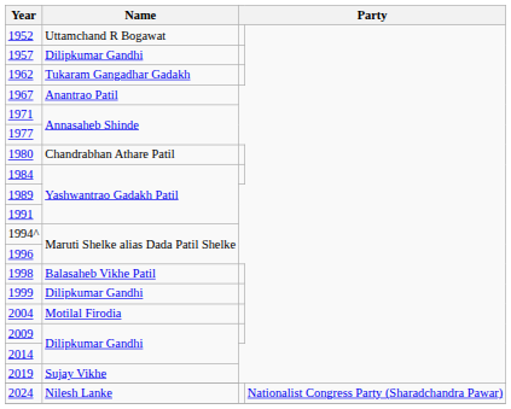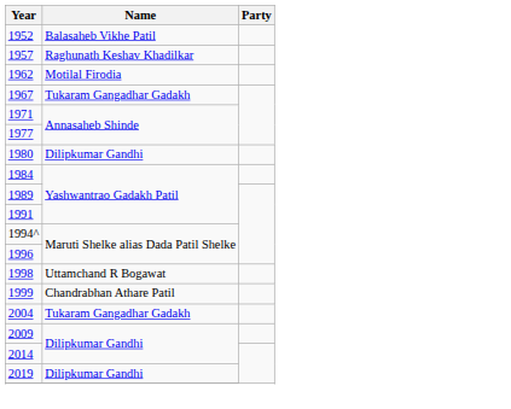 <table class="wikitable">
 <tr>
 <th>Year</th>
 <th>Name</th>
 <th colspan="2">Party</th>
 </tr>
 <tr>
 <td><a href='#'>1952</a></td>
-<td>Uttamchand R Bogawat</td>
+<td><a href='#'>Balasaheb Vikhe Patil</a></td>
 <td></td>
 </tr>
 <tr>
 <td><a href='#'>1957</a></td>
-<td><a href='#'>Dilipkumar Gandhi</a></td>
+<td><a href='#'>Raghunath Keshav Khadilkar</a></td>
 <td></td>
 </tr>
 <tr>
 <td><a href='#'>1962</a></td>
-<td><a href='#'>Tukaram Gangadhar Gadakh</a></td>
+<td><a href='#'>Motilal Firodia</a></td>
 <td></td>
 </tr>
 <tr>
 <td><a href='#'>1967</a></td>
-<td><a href='#'>Anantrao Patil</a></td>
+<td><a href='#'>Tukaram Gangadhar Gadakh</a></td>
 </tr>
 <tr>
 <td><a href='#'>1971</a></td>
 <td rowspan="2"><a href='#'>Annasaheb Shinde</a></td>
 </tr>
 <tr>
 <td><a href='#'>1977</a></td>
 </tr>
 <tr>
 <td><a href='#'>1980</a></td>
-<td>Chandrabhan Athare Patil</td>
+<td><a href='#'>Dilipkumar Gandhi</a></td>
 <td></td>
 </tr>
 <tr>
 <td><a href='#'>1984</a></td>
 <td rowspan="3"><a href='#'>Yashwantrao Gadakh Patil</a></td>
 <td></td>
 </tr>
 <tr>
 <td><a href='#'>1989</a></td>
 </tr>
 <tr>
 <td><a href='#'>1991</a></td>
 </tr>
 <tr>
 <td>1994^</td>
 <td rowspan="2">Maruti Shelke alias Dada Patil Shelke</td>
 </tr>
 <tr>
 <td><a href='#'>1996</a></td>
 </tr>
 <tr>
 <td><a href='#'>1998</a></td>
-<td><a href='#'>Balasaheb Vikhe Patil</a></td>
+<td>Uttamchand R Bogawat</td>
 <td></td>
 </tr>
 <tr>
 <td><a href='#'>1999</a></td>
-<td><a href='#'>Dilipkumar Gandhi</a></td>
+<td>Chandrabhan Athare Patil</td>
 <td></td>
 </tr>
 <tr>
 <td><a href='#'>2004</a></td>
-<td><a href='#'>Motilal Firodia</a></td>
+<td><a href='#'>Tukaram Gangadhar Gadakh</a></td>
 <td></td>
 </tr>
 <tr>
 <td><a href='#'>2009</a></td>
 <td rowspan="2"><a href='#'>Dilipkumar Gandhi</a></td>
 <td></td>
 </tr>
 <tr>
 <td><a href='#'>2014</a></td>
 </tr>
 <tr>
 <td><a href='#'>2019</a></td>
-<td><a href='#'>Sujay Vikhe</a></td>
+<td><a href='#'>Dilipkumar Gandhi</a></td>
 </tr>
 <tr>
 </tr>
 <tr>
-<td><a href='#'>2024</a></td>
-<td><a href='#'>Nilesh Lanke</a></td>
-<td style="background-color: "></td>
-<td><a href='#'>Nationalist Congress Party (Sharadchandra Pawar)</a></td>
-</tr>
-<tr>
 </tr>
 </table>
